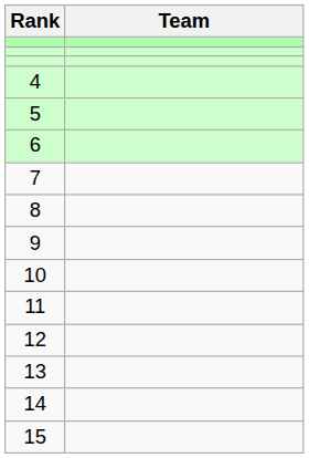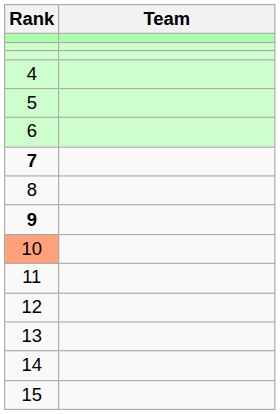 <table class="wikitable" style="text-align: center;">
 <tr>
 <th width=40>Rank</th>
 <th width=180>Team</th>
 </tr>
 <tr bgcolor="#aaffaa">
 <td></td>
 <td align="left"></td>
 </tr>
 <tr bgcolor="#ccffcc">
 <td></td>
 <td align="left"></td>
 </tr>
 <tr bgcolor="#ccffcc">
 <td></td>
 <td align="left"></td>
 </tr>
 <tr bgcolor="#ccffcc">
 <td>4</td>
 <td align="left"></td>
 </tr>
 <tr bgcolor="#ccffcc">
 <td>5</td>
 <td align="left"></td>
 </tr>
 <tr bgcolor="#ccffcc">
 <td>6</td>
 <td align="left"></td>
 </tr>
 <tr>
-<td>7</td>
+<td><strong>7</strong></td>
 <td align="left"></td>
 </tr>
 <tr>
 <td>8</td>
 <td align="left"></td>
 </tr>
 <tr>
-<td>9</td>
+<td><strong>9</strong></td>
 <td align="left"></td>
 </tr>
 <tr>
-<td>10</td>
+<td style="background: lightsalmon;">10</td>
 <td align="left"></td>
 </tr>
 <tr>
 <td>11</td>
 <td align="left"></td>
 </tr>
 <tr>
 <td>12</td>
 <td align="left"></td>
 </tr>
 <tr>
 <td>13</td>
 <td align="left"></td>
 </tr>
 <tr>
 <td>14</td>
 <td align="left"></td>
 </tr>
 <tr>
 <td>15</td>
 <td align="left"></td>
 </tr>
 </table>
